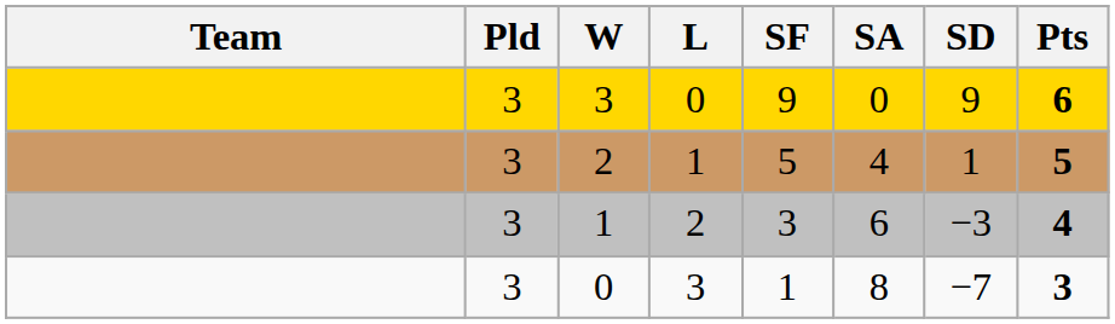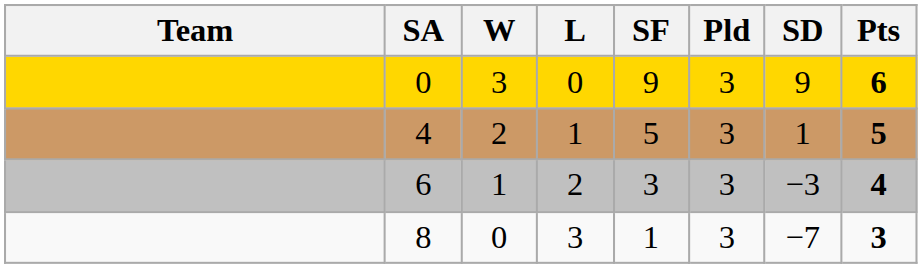 <table class="wikitable" style="text-align: center;">
 <tr>
 <th width=180>Team</th>
-<th width=30>Pld</th>
+<th width=30>SA</th>
 <th width=30>W</th>
 <th width=30>L</th>
 <th width=30>SF</th>
-<th width=30>SA</th>
+<th width=30>Pld</th>
 <th width=30>SD</th>
 <th width=30>Pts</th>
 </tr>
 <tr bgcolor=gold>
 <td style="text-align:left;"></td>
-<td>3</td>
+<td>0</td>
 <td>3</td>
 <td>0</td>
 <td>9</td>
-<td>0</td>
+<td>3</td>
 <td>9</td>
 <td><strong>6</strong></td>
 </tr>
 <tr bgcolor=#cc9966>
 <td style="text-align:left;"></td>
-<td>3</td>
+<td>4</td>
 <td>2</td>
 <td>1</td>
 <td>5</td>
-<td>4</td>
+<td>3</td>
 <td>1</td>
 <td><strong>5</strong></td>
 </tr>
 <tr bgcolor=silver>
 <td style="text-align:left;"></td>
-<td>3</td>
+<td>6</td>
 <td>1</td>
 <td>2</td>
 <td>3</td>
-<td>6</td>
+<td>3</td>
 <td>−3</td>
 <td><strong>4</strong></td>
 </tr>
 <tr>
 <td style="text-align:left;"></td>
-<td>3</td>
+<td>8</td>
 <td>0</td>
 <td>3</td>
 <td>1</td>
-<td>8</td>
+<td>3</td>
 <td>−7</td>
 <td><strong>3</strong></td>
 </tr>
 </table>
